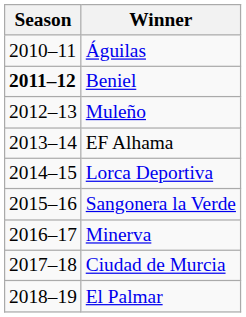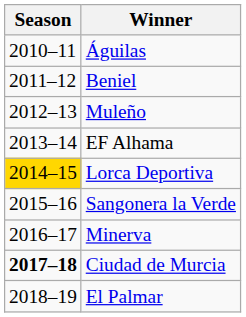 <table class="wikitable">
 <tr>
 <th>Season</th>
 <th>Winner</th>
 </tr>
 <tr>
 <td>2010–11</td>
 <td><a href='#'>Águilas</a></td>
 </tr>
 <tr>
-<td><strong>2011–12</strong></td>
+<td>2011–12</td>
 <td><a href='#'>Beniel</a></td>
 </tr>
 <tr>
 <td>2012–13</td>
 <td><a href='#'>Muleño</a></td>
 </tr>
 <tr>
 <td>2013–14</td>
 <td>EF Alhama</td>
 </tr>
 <tr>
-<td>2014–15</td>
+<td style="background: gold;">2014–15</td>
 <td><a href='#'>Lorca Deportiva</a></td>
 </tr>
 <tr>
 <td>2015–16</td>
 <td><a href='#'>Sangonera la Verde</a></td>
 </tr>
 <tr>
 <td>2016–17</td>
 <td><a href='#'>Minerva</a></td>
 </tr>
 <tr>
-<td>2017–18</td>
+<td><strong>2017–18</strong></td>
 <td><a href='#'>Ciudad de Murcia</a></td>
 </tr>
 <tr>
 <td>2018–19</td>
 <td><a href='#'>El Palmar</a></td>
 </tr>
 </table>
